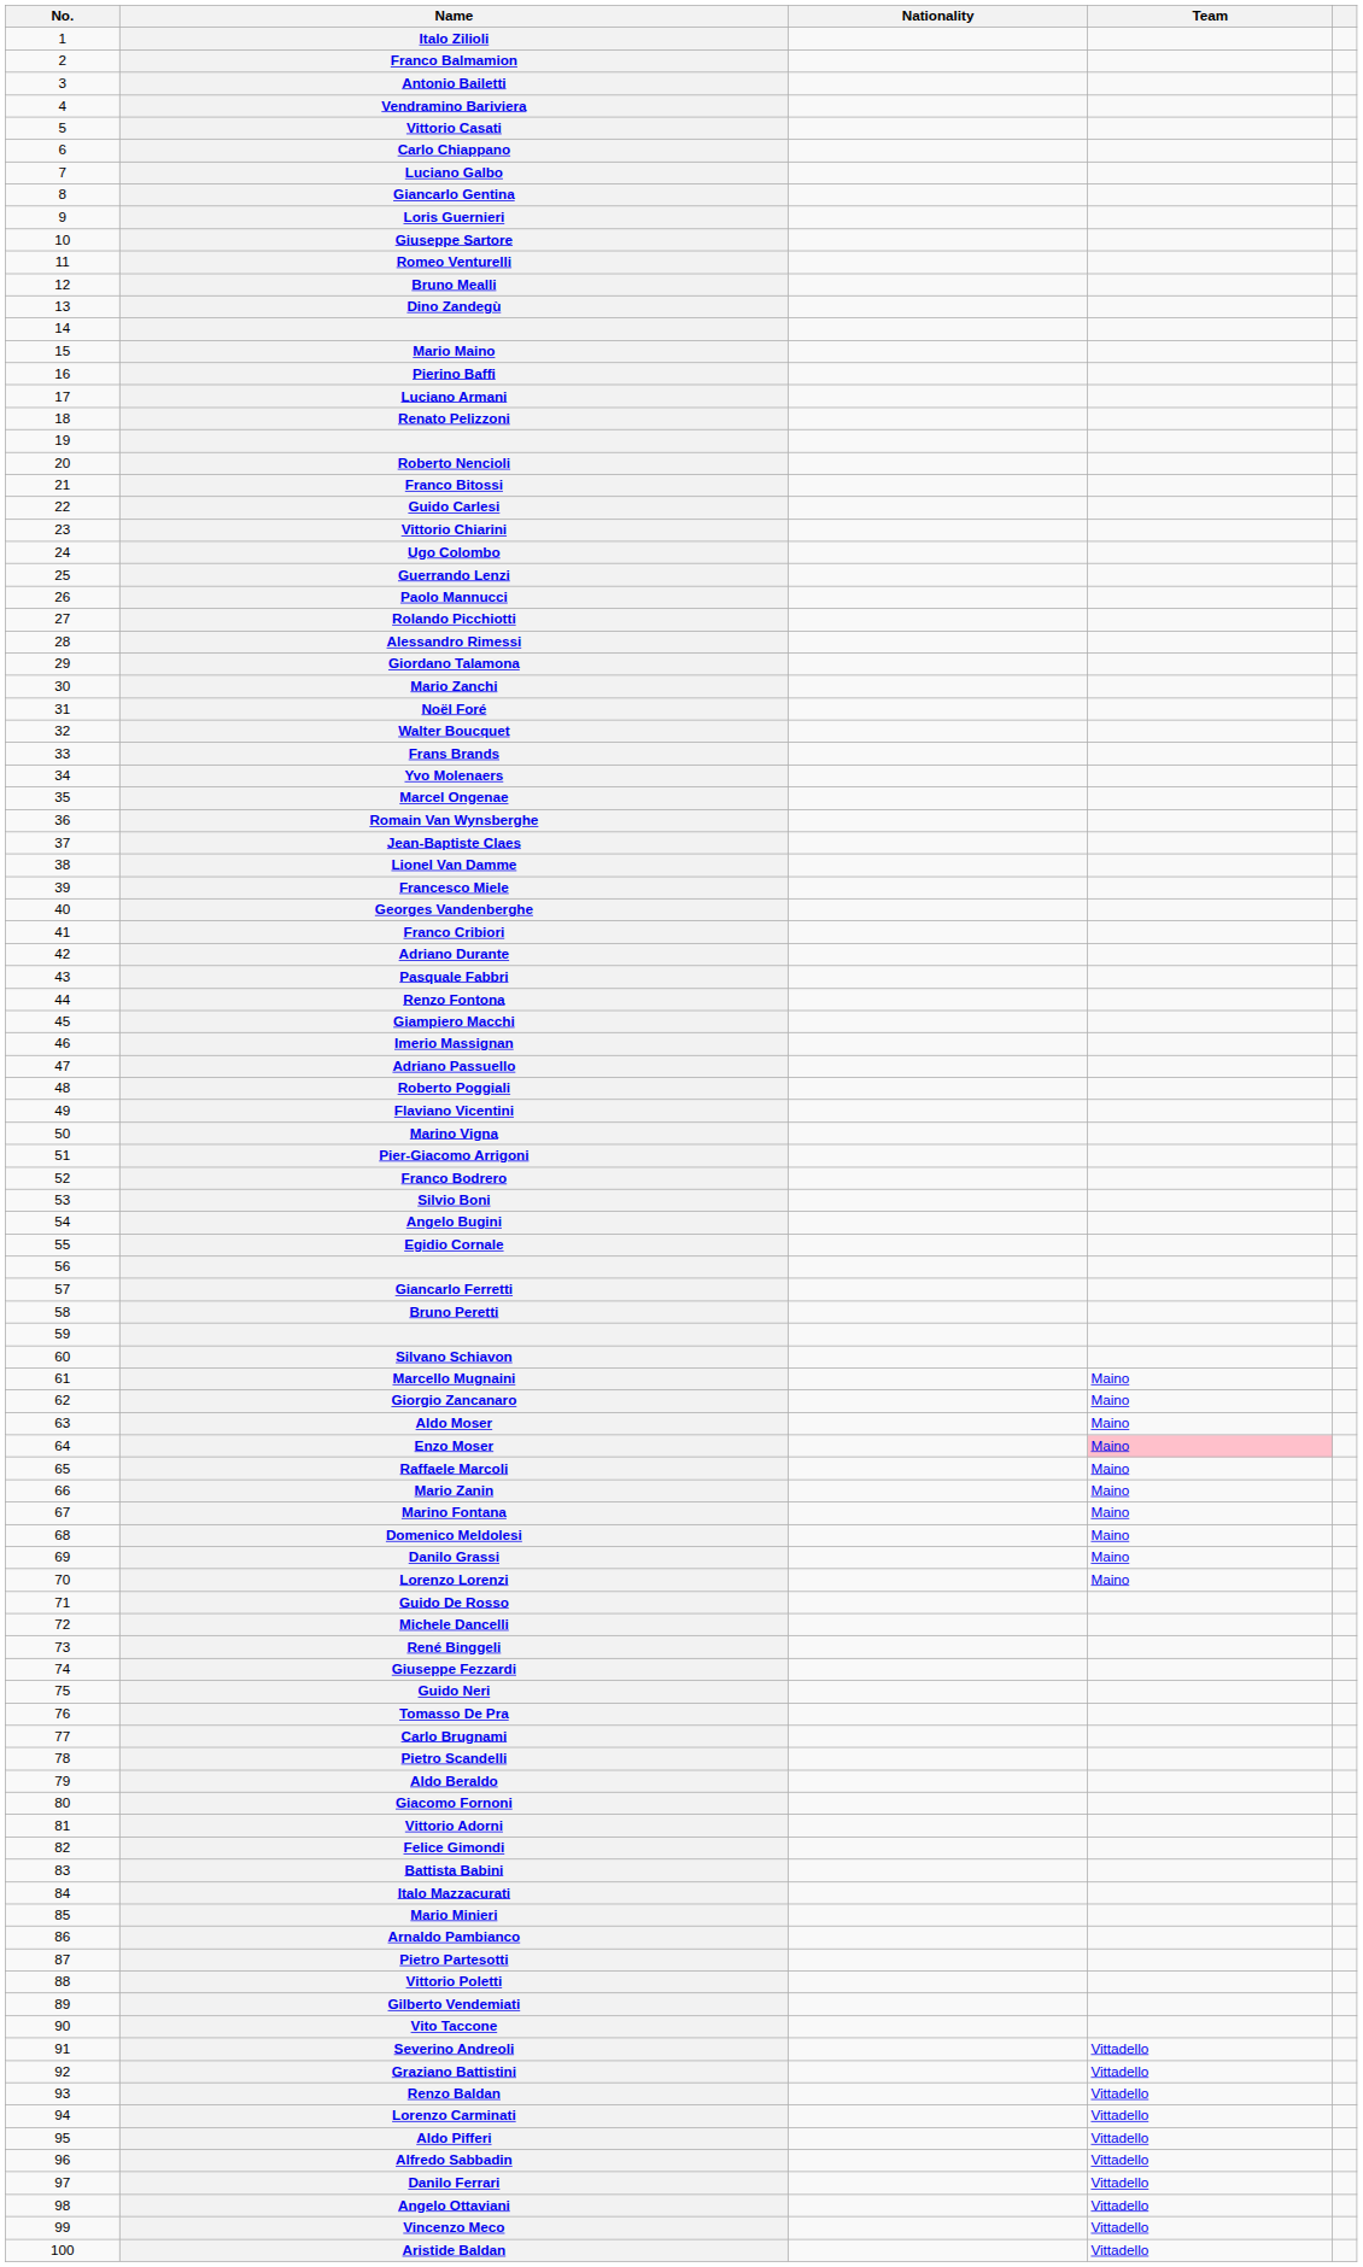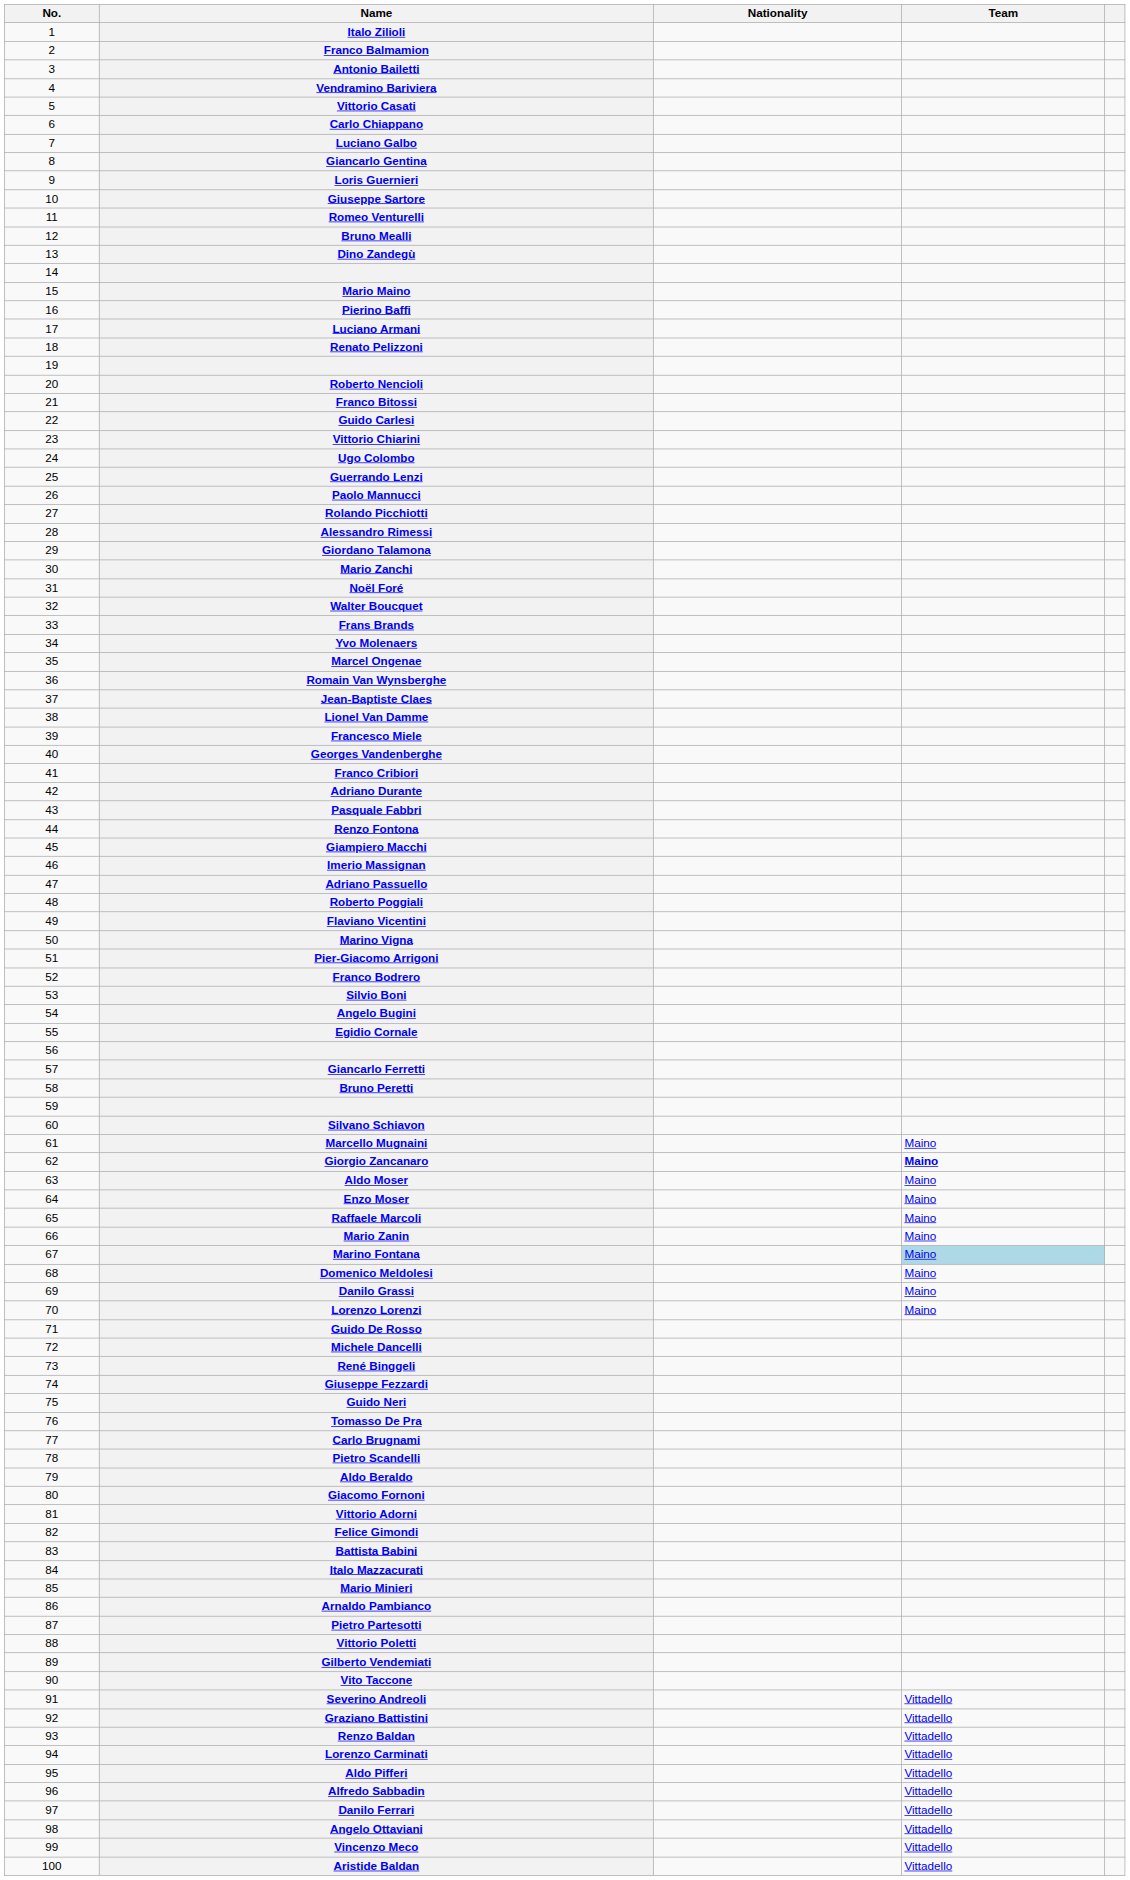 <table class="wikitable plainrowheaders sortable" style="width:97%">
 <tr>
 <th scope="col">No.</th>
 <th scope="col">Name</th>
 <th scope="col">Nationality</th>
 <th scope="col">Team</th>
 <th scope="col" class="unsortable"></th>
 </tr>
 <tr>
 <td style="text-align:center;">1</td>
 <th scope="row"><a href='#'>Italo Zilioli</a></th>
 <td></td>
 <td></td>
 <td style="text-align:center;"></td>
 </tr>
 <tr>
 <td style="text-align:center;">2</td>
 <th scope="row"><a href='#'>Franco Balmamion</a></th>
 <td></td>
 <td></td>
 <td style="text-align:center;"></td>
 </tr>
 <tr>
 <td style="text-align:center;">3</td>
 <th scope="row"><a href='#'>Antonio Bailetti</a></th>
 <td></td>
 <td></td>
 <td style="text-align:center;"></td>
 </tr>
 <tr>
 <td style="text-align:center;">4</td>
 <th scope="row"><a href='#'>Vendramino Bariviera</a></th>
 <td></td>
 <td></td>
 <td style="text-align:center;"></td>
 </tr>
 <tr>
 <td style="text-align:center;">5</td>
 <th scope="row"><a href='#'>Vittorio Casati</a></th>
 <td></td>
 <td></td>
 <td style="text-align:center;"></td>
 </tr>
 <tr>
 <td style="text-align:center;">6</td>
 <th scope="row"><a href='#'>Carlo Chiappano</a></th>
 <td></td>
 <td></td>
 <td style="text-align:center;"></td>
 </tr>
 <tr>
 <td style="text-align:center;">7</td>
 <th scope="row"><a href='#'>Luciano Galbo</a></th>
 <td></td>
 <td></td>
 <td style="text-align:center;"></td>
 </tr>
 <tr>
 <td style="text-align:center;">8</td>
 <th scope="row"><a href='#'>Giancarlo Gentina</a></th>
 <td></td>
 <td></td>
 <td style="text-align:center;"></td>
 </tr>
 <tr>
 <td style="text-align:center;">9</td>
 <th scope="row"><a href='#'>Loris Guernieri</a></th>
 <td></td>
 <td></td>
 <td style="text-align:center;"></td>
 </tr>
 <tr>
 <td style="text-align:center;">10</td>
 <th scope="row"><a href='#'>Giuseppe Sartore</a></th>
 <td></td>
 <td></td>
 <td style="text-align:center;"></td>
 </tr>
 <tr>
 <td style="text-align:center;">11</td>
 <th scope="row"><a href='#'>Romeo Venturelli</a></th>
 <td></td>
 <td></td>
 <td style="text-align:center;"></td>
 </tr>
 <tr>
 <td style="text-align:center;">12</td>
 <th scope="row"><a href='#'>Bruno Mealli</a></th>
 <td></td>
 <td></td>
 <td style="text-align:center;"></td>
 </tr>
 <tr>
 <td style="text-align:center;">13</td>
 <th scope="row"><a href='#'>Dino Zandegù</a></th>
 <td></td>
 <td></td>
 <td style="text-align:center;"></td>
 </tr>
 <tr>
 <td style="text-align:center;">14</td>
 <th scope="row"></th>
 <td></td>
 <td></td>
 <td style="text-align:center;"></td>
 </tr>
 <tr>
 <td style="text-align:center;">15</td>
 <th scope="row"><a href='#'>Mario Maino</a></th>
 <td></td>
 <td></td>
 <td style="text-align:center;"></td>
 </tr>
 <tr>
 <td style="text-align:center;">16</td>
 <th scope="row"><a href='#'>Pierino Baffi</a></th>
 <td></td>
 <td></td>
 <td style="text-align:center;"></td>
 </tr>
 <tr>
 <td style="text-align:center;">17</td>
 <th scope="row"><a href='#'>Luciano Armani</a></th>
 <td></td>
 <td></td>
 <td style="text-align:center;"></td>
 </tr>
 <tr>
 <td style="text-align:center;">18</td>
 <th scope="row"><a href='#'>Renato Pelizzoni</a></th>
 <td></td>
 <td></td>
 <td style="text-align:center;"></td>
 </tr>
 <tr>
 <td style="text-align:center;">19</td>
 <th scope="row"></th>
 <td></td>
 <td></td>
 <td style="text-align:center;"></td>
 </tr>
 <tr>
 <td style="text-align:center;">20</td>
 <th scope="row"><a href='#'>Roberto Nencioli</a></th>
 <td></td>
 <td></td>
 <td style="text-align:center;"></td>
 </tr>
 <tr>
 <td style="text-align:center;">21</td>
 <th scope="row"><a href='#'>Franco Bitossi</a></th>
 <td></td>
 <td></td>
 <td style="text-align:center;"></td>
 </tr>
 <tr>
 <td style="text-align:center;">22</td>
 <th scope="row"><a href='#'>Guido Carlesi</a></th>
 <td></td>
 <td></td>
 <td style="text-align:center;"></td>
 </tr>
 <tr>
 <td style="text-align:center;">23</td>
 <th scope="row"><a href='#'>Vittorio Chiarini</a></th>
 <td></td>
 <td></td>
 <td style="text-align:center;"></td>
 </tr>
 <tr>
 <td style="text-align:center;">24</td>
 <th scope="row"><a href='#'>Ugo Colombo</a></th>
 <td></td>
 <td></td>
 <td style="text-align:center;"></td>
 </tr>
 <tr>
 <td style="text-align:center;">25</td>
 <th scope="row"><a href='#'>Guerrando Lenzi</a></th>
 <td></td>
 <td></td>
 <td style="text-align:center;"></td>
 </tr>
 <tr>
 <td style="text-align:center;">26</td>
 <th scope="row"><a href='#'>Paolo Mannucci</a></th>
 <td></td>
 <td></td>
 <td style="text-align:center;"></td>
 </tr>
 <tr>
 <td style="text-align:center;">27</td>
 <th scope="row"><a href='#'>Rolando Picchiotti</a></th>
 <td></td>
 <td></td>
 <td style="text-align:center;"></td>
 </tr>
 <tr>
 <td style="text-align:center;">28</td>
 <th scope="row"><a href='#'>Alessandro Rimessi</a></th>
 <td></td>
 <td></td>
 <td style="text-align:center;"></td>
 </tr>
 <tr>
 <td style="text-align:center;">29</td>
 <th scope="row"><a href='#'>Giordano Talamona</a></th>
 <td></td>
 <td></td>
 <td style="text-align:center;"></td>
 </tr>
 <tr>
 <td style="text-align:center;">30</td>
 <th scope="row"><a href='#'>Mario Zanchi</a></th>
 <td></td>
 <td></td>
 <td style="text-align:center;"></td>
 </tr>
 <tr>
 <td style="text-align:center;">31</td>
 <th scope="row"><a href='#'>Noël Foré</a></th>
 <td></td>
 <td></td>
 <td style="text-align:center;"></td>
 </tr>
 <tr>
 <td style="text-align:center;">32</td>
 <th scope="row"><a href='#'>Walter Boucquet</a></th>
 <td></td>
 <td></td>
 <td style="text-align:center;"></td>
 </tr>
 <tr>
 <td style="text-align:center;">33</td>
 <th scope="row"><a href='#'>Frans Brands</a></th>
 <td></td>
 <td></td>
 <td style="text-align:center;"></td>
 </tr>
 <tr>
 <td style="text-align:center;">34</td>
 <th scope="row"><a href='#'>Yvo Molenaers</a></th>
 <td></td>
 <td></td>
 <td style="text-align:center;"></td>
 </tr>
 <tr>
 <td style="text-align:center;">35</td>
 <th scope="row"><a href='#'>Marcel Ongenae</a></th>
 <td></td>
 <td></td>
 <td style="text-align:center;"></td>
 </tr>
 <tr>
 <td style="text-align:center;">36</td>
 <th scope="row"><a href='#'>Romain Van Wynsberghe</a></th>
 <td></td>
 <td></td>
 <td style="text-align:center;"></td>
 </tr>
 <tr>
 <td style="text-align:center;">37</td>
 <th scope="row"><a href='#'>Jean-Baptiste Claes</a></th>
 <td></td>
 <td></td>
 <td style="text-align:center;"></td>
 </tr>
 <tr>
 <td style="text-align:center;">38</td>
 <th scope="row"><a href='#'>Lionel Van Damme</a></th>
 <td></td>
 <td></td>
 <td style="text-align:center;"></td>
 </tr>
 <tr>
 <td style="text-align:center;">39</td>
 <th scope="row"><a href='#'>Francesco Miele</a></th>
 <td></td>
 <td></td>
 <td style="text-align:center;"></td>
 </tr>
 <tr>
 <td style="text-align:center;">40</td>
 <th scope="row"><a href='#'>Georges Vandenberghe</a></th>
 <td></td>
 <td></td>
 <td style="text-align:center;"></td>
 </tr>
 <tr>
 <td style="text-align:center;">41</td>
 <th scope="row"><a href='#'>Franco Cribiori</a></th>
 <td></td>
 <td></td>
 <td style="text-align:center;"></td>
 </tr>
 <tr>
 <td style="text-align:center;">42</td>
 <th scope="row"><a href='#'>Adriano Durante</a></th>
 <td></td>
 <td></td>
 <td style="text-align:center;"></td>
 </tr>
 <tr>
 <td style="text-align:center;">43</td>
 <th scope="row"><a href='#'>Pasquale Fabbri</a></th>
 <td></td>
 <td></td>
 <td style="text-align:center;"></td>
 </tr>
 <tr>
 <td style="text-align:center;">44</td>
 <th scope="row"><a href='#'>Renzo Fontona</a></th>
 <td></td>
 <td></td>
 <td style="text-align:center;"></td>
 </tr>
 <tr>
 <td style="text-align:center;">45</td>
 <th scope="row"><a href='#'>Giampiero Macchi</a></th>
 <td></td>
 <td></td>
 <td style="text-align:center;"></td>
 </tr>
 <tr>
 <td style="text-align:center;">46</td>
 <th scope="row"><a href='#'>Imerio Massignan</a></th>
 <td></td>
 <td></td>
 <td style="text-align:center;"></td>
 </tr>
 <tr>
 <td style="text-align:center;">47</td>
 <th scope="row"><a href='#'>Adriano Passuello</a></th>
 <td></td>
 <td></td>
 <td style="text-align:center;"></td>
 </tr>
 <tr>
 <td style="text-align:center;">48</td>
 <th scope="row"><a href='#'>Roberto Poggiali</a></th>
 <td></td>
 <td></td>
 <td style="text-align:center;"></td>
 </tr>
 <tr>
 <td style="text-align:center;">49</td>
 <th scope="row"><a href='#'>Flaviano Vicentini</a></th>
 <td></td>
 <td></td>
 <td style="text-align:center;"></td>
 </tr>
 <tr>
 <td style="text-align:center;">50</td>
 <th scope="row"><a href='#'>Marino Vigna</a></th>
 <td></td>
 <td></td>
 <td style="text-align:center;"></td>
 </tr>
 <tr>
 <td style="text-align:center;">51</td>
 <th scope="row"><a href='#'>Pier-Giacomo Arrigoni</a></th>
 <td></td>
 <td></td>
 <td style="text-align:center;"></td>
 </tr>
 <tr>
 <td style="text-align:center;">52</td>
 <th scope="row"><a href='#'>Franco Bodrero</a></th>
 <td></td>
 <td></td>
 <td style="text-align:center;"></td>
 </tr>
 <tr>
 <td style="text-align:center;">53</td>
 <th scope="row"><a href='#'>Silvio Boni</a></th>
 <td></td>
 <td></td>
 <td style="text-align:center;"></td>
 </tr>
 <tr>
 <td style="text-align:center;">54</td>
 <th scope="row"><a href='#'>Angelo Bugini</a></th>
 <td></td>
 <td></td>
 <td style="text-align:center;"></td>
 </tr>
 <tr>
 <td style="text-align:center;">55</td>
 <th scope="row"><a href='#'>Egidio Cornale</a></th>
 <td></td>
 <td></td>
 <td style="text-align:center;"></td>
 </tr>
 <tr>
 <td style="text-align:center;">56</td>
 <th scope="row"></th>
 <td></td>
 <td></td>
 <td style="text-align:center;"></td>
 </tr>
 <tr>
 <td style="text-align:center;">57</td>
 <th scope="row"><a href='#'>Giancarlo Ferretti</a></th>
 <td></td>
 <td></td>
 <td style="text-align:center;"></td>
 </tr>
 <tr>
 <td style="text-align:center;">58</td>
 <th scope="row"><a href='#'>Bruno Peretti</a></th>
 <td></td>
 <td></td>
 <td style="text-align:center;"></td>
 </tr>
 <tr>
 <td style="text-align:center;">59</td>
 <th scope="row"></th>
 <td></td>
 <td></td>
 <td style="text-align:center;"></td>
 </tr>
 <tr>
 <td style="text-align:center;">60</td>
 <th scope="row"><a href='#'>Silvano Schiavon</a></th>
 <td></td>
 <td></td>
 <td style="text-align:center;"></td>
 </tr>
 <tr>
 <td style="text-align:center;">61</td>
 <th scope="row"><a href='#'>Marcello Mugnaini</a></th>
 <td></td>
 <td><a href='#'>Maino</a></td>
 <td style="text-align:center;"></td>
 </tr>
 <tr>
 <td style="text-align:center;">62</td>
 <th scope="row"><a href='#'>Giorgio Zancanaro</a></th>
 <td></td>
-<td><a href='#'>Maino</a></td>
+<td><strong><a href='#'>Maino</a></strong></td>
 <td style="text-align:center;"></td>
 </tr>
 <tr>
 <td style="text-align:center;">63</td>
 <th scope="row"><a href='#'>Aldo Moser</a></th>
 <td></td>
 <td><a href='#'>Maino</a></td>
 <td style="text-align:center;"></td>
 </tr>
 <tr>
 <td style="text-align:center;">64</td>
 <th scope="row"><a href='#'>Enzo Moser</a></th>
 <td></td>
-<td style="background: pink;"><a href='#'>Maino</a></td>
+<td><a href='#'>Maino</a></td>
 <td style="text-align:center;"></td>
 </tr>
 <tr>
 <td style="text-align:center;">65</td>
 <th scope="row"><a href='#'>Raffaele Marcoli</a></th>
 <td></td>
 <td><a href='#'>Maino</a></td>
 <td style="text-align:center;"></td>
 </tr>
 <tr>
 <td style="text-align:center;">66</td>
 <th scope="row"><a href='#'>Mario Zanin</a></th>
 <td></td>
 <td><a href='#'>Maino</a></td>
 <td style="text-align:center;"></td>
 </tr>
 <tr>
 <td style="text-align:center;">67</td>
 <th scope="row"><a href='#'>Marino Fontana</a></th>
 <td></td>
-<td><a href='#'>Maino</a></td>
+<td style="background: lightblue;"><a href='#'>Maino</a></td>
 <td style="text-align:center;"></td>
 </tr>
 <tr>
 <td style="text-align:center;">68</td>
 <th scope="row"><a href='#'>Domenico Meldolesi</a></th>
 <td></td>
 <td><a href='#'>Maino</a></td>
 <td style="text-align:center;"></td>
 </tr>
 <tr>
 <td style="text-align:center;">69</td>
 <th scope="row"><a href='#'>Danilo Grassi</a></th>
 <td></td>
 <td><a href='#'>Maino</a></td>
 <td style="text-align:center;"></td>
 </tr>
 <tr>
 <td style="text-align:center;">70</td>
 <th scope="row"><a href='#'>Lorenzo Lorenzi</a></th>
 <td></td>
 <td><a href='#'>Maino</a></td>
 <td style="text-align:center;"></td>
 </tr>
 <tr>
 <td style="text-align:center;">71</td>
 <th scope="row"><a href='#'>Guido De Rosso</a></th>
 <td></td>
 <td></td>
 <td style="text-align:center;"></td>
 </tr>
 <tr>
 <td style="text-align:center;">72</td>
 <th scope="row"><a href='#'>Michele Dancelli</a></th>
 <td></td>
 <td></td>
 <td style="text-align:center;"></td>
 </tr>
 <tr>
 <td style="text-align:center;">73</td>
 <th scope="row"><a href='#'>René Binggeli</a></th>
 <td></td>
 <td></td>
 <td style="text-align:center;"></td>
 </tr>
 <tr>
 <td style="text-align:center;">74</td>
 <th scope="row"><a href='#'>Giuseppe Fezzardi</a></th>
 <td></td>
 <td></td>
 <td style="text-align:center;"></td>
 </tr>
 <tr>
 <td style="text-align:center;">75</td>
 <th scope="row"><a href='#'>Guido Neri</a></th>
 <td></td>
 <td></td>
 <td style="text-align:center;"></td>
 </tr>
 <tr>
 <td style="text-align:center;">76</td>
 <th scope="row"><a href='#'>Tomasso De Pra</a></th>
 <td></td>
 <td></td>
 <td style="text-align:center;"></td>
 </tr>
 <tr>
 <td style="text-align:center;">77</td>
 <th scope="row"><a href='#'>Carlo Brugnami</a></th>
 <td></td>
 <td></td>
 <td style="text-align:center;"></td>
 </tr>
 <tr>
 <td style="text-align:center;">78</td>
 <th scope="row"><a href='#'>Pietro Scandelli</a></th>
 <td></td>
 <td></td>
 <td style="text-align:center;"></td>
 </tr>
 <tr>
 <td style="text-align:center;">79</td>
 <th scope="row"><a href='#'>Aldo Beraldo</a></th>
 <td></td>
 <td></td>
 <td style="text-align:center;"></td>
 </tr>
 <tr>
 <td style="text-align:center;">80</td>
 <th scope="row"><a href='#'>Giacomo Fornoni</a></th>
 <td></td>
 <td></td>
 <td style="text-align:center;"></td>
 </tr>
 <tr>
 <td style="text-align:center;">81</td>
 <th scope="row"><a href='#'>Vittorio Adorni</a></th>
 <td></td>
 <td></td>
 <td style="text-align:center;"></td>
 </tr>
 <tr>
 <td style="text-align:center;">82</td>
 <th scope="row"><a href='#'>Felice Gimondi</a></th>
 <td></td>
 <td></td>
 <td style="text-align:center;"></td>
 </tr>
 <tr>
 <td style="text-align:center;">83</td>
 <th scope="row"><a href='#'>Battista Babini</a></th>
 <td></td>
 <td></td>
 <td style="text-align:center;"></td>
 </tr>
 <tr>
 <td style="text-align:center;">84</td>
 <th scope="row"><a href='#'>Italo Mazzacurati</a></th>
 <td></td>
 <td></td>
 <td style="text-align:center;"></td>
 </tr>
 <tr>
 <td style="text-align:center;">85</td>
 <th scope="row"><a href='#'>Mario Minieri</a></th>
 <td></td>
 <td></td>
 <td style="text-align:center;"></td>
 </tr>
 <tr>
 <td style="text-align:center;">86</td>
 <th scope="row"><a href='#'>Arnaldo Pambianco</a></th>
 <td></td>
 <td></td>
 <td style="text-align:center;"></td>
 </tr>
 <tr>
 <td style="text-align:center;">87</td>
 <th scope="row"><a href='#'>Pietro Partesotti</a></th>
 <td></td>
 <td></td>
 <td style="text-align:center;"></td>
 </tr>
 <tr>
 <td style="text-align:center;">88</td>
 <th scope="row"><a href='#'>Vittorio Poletti</a></th>
 <td></td>
 <td></td>
 <td style="text-align:center;"></td>
 </tr>
 <tr>
 <td style="text-align:center;">89</td>
 <th scope="row"><a href='#'>Gilberto Vendemiati</a></th>
 <td></td>
 <td></td>
 <td style="text-align:center;"></td>
 </tr>
 <tr>
 <td style="text-align:center;">90</td>
 <th scope="row"><a href='#'>Vito Taccone</a></th>
 <td></td>
 <td></td>
 <td style="text-align:center;"></td>
 </tr>
 <tr>
 <td style="text-align:center;">91</td>
 <th scope="row"><a href='#'>Severino Andreoli</a></th>
 <td></td>
 <td><a href='#'>Vittadello</a></td>
 <td style="text-align:center;"></td>
 </tr>
 <tr>
 <td style="text-align:center;">92</td>
 <th scope="row"><a href='#'>Graziano Battistini</a></th>
 <td></td>
 <td><a href='#'>Vittadello</a></td>
 <td style="text-align:center;"></td>
 </tr>
 <tr>
 <td style="text-align:center;">93</td>
 <th scope="row"><a href='#'>Renzo Baldan</a></th>
 <td></td>
 <td><a href='#'>Vittadello</a></td>
 <td style="text-align:center;"></td>
 </tr>
 <tr>
 <td style="text-align:center;">94</td>
 <th scope="row"><a href='#'>Lorenzo Carminati</a></th>
 <td></td>
 <td><a href='#'>Vittadello</a></td>
 <td style="text-align:center;"></td>
 </tr>
 <tr>
 <td style="text-align:center;">95</td>
 <th scope="row"><a href='#'>Aldo Pifferi</a></th>
 <td></td>
 <td><a href='#'>Vittadello</a></td>
 <td style="text-align:center;"></td>
 </tr>
 <tr>
 <td style="text-align:center;">96</td>
 <th scope="row"><a href='#'>Alfredo Sabbadin</a></th>
 <td></td>
 <td><a href='#'>Vittadello</a></td>
 <td style="text-align:center;"></td>
 </tr>
 <tr>
 <td style="text-align:center;">97</td>
 <th scope="row"><a href='#'>Danilo Ferrari</a></th>
 <td></td>
 <td><a href='#'>Vittadello</a></td>
 <td style="text-align:center;"></td>
 </tr>
 <tr>
 <td style="text-align:center;">98</td>
 <th scope="row"><a href='#'>Angelo Ottaviani</a></th>
 <td></td>
 <td><a href='#'>Vittadello</a></td>
 <td style="text-align:center;"></td>
 </tr>
 <tr>
 <td style="text-align:center;">99</td>
 <th scope="row"><a href='#'>Vincenzo Meco</a></th>
 <td></td>
 <td><a href='#'>Vittadello</a></td>
 <td style="text-align:center;"></td>
 </tr>
 <tr>
 <td style="text-align:center;">100</td>
 <th scope="row"><a href='#'>Aristide Baldan</a></th>
 <td></td>
 <td><a href='#'>Vittadello</a></td>
 <td style="text-align:center;"></td>
 </tr>
 </table>
